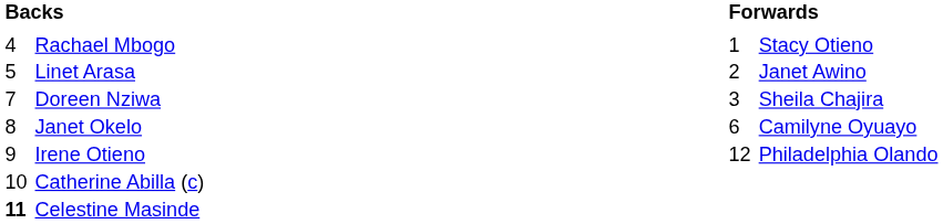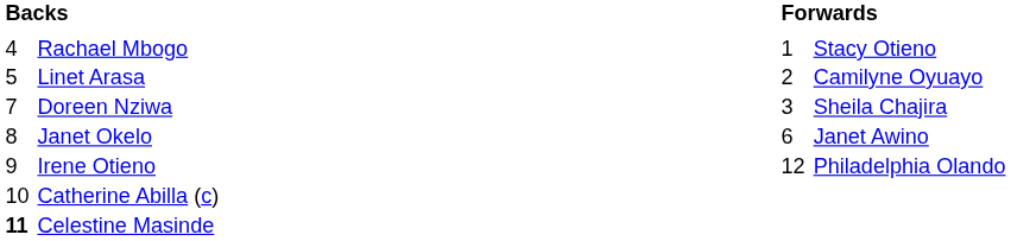 <table style="text-align:left">
 <tr>
 <th colspan=2>Backs</th>
 <th colspan=2>Forwards</th>
 </tr>
 <tr>
 <th style="width:20px;"></th>
 <th style="width:550px;"></th>
 <th style="width:20px;"></th>
 <th style="width:170px;"></th>
 </tr>
 <tr>
 <td align=centre>4</td>
 <td><a href='#'>Rachael Mbogo</a></td>
 <td align=centre>1</td>
 <td><a href='#'>Stacy Otieno</a></td>
 </tr>
 <tr>
 <td align=centre>5</td>
 <td><a href='#'>Linet Arasa</a></td>
 <td align=centre>2</td>
-<td><a href='#'>Janet Awino</a></td>
+<td><a href='#'>Camilyne Oyuayo</a></td>
 </tr>
 <tr>
 <td align=centre>7</td>
 <td><a href='#'>Doreen Nziwa</a></td>
 <td align=centre>3</td>
 <td><a href='#'>Sheila Chajira</a></td>
 </tr>
 <tr>
 <td align=centre>8</td>
 <td><a href='#'>Janet Okelo</a></td>
 <td align=centre>6</td>
-<td><a href='#'>Camilyne Oyuayo</a></td>
+<td><a href='#'>Janet Awino</a></td>
 </tr>
 <tr>
 <td align=centre>9</td>
 <td><a href='#'>Irene Otieno</a></td>
 <td align=centre>12</td>
 <td><a href='#'>Philadelphia Olando</a></td>
 </tr>
 <tr>
 <td align=centre>10</td>
 <td><a href='#'>Catherine Abilla</a> (<a href='#'>c</a>)</td>
 </tr>
 <tr>
 <td align=centre><strong>11</strong></td>
 <td><a href='#'>Celestine Masinde</a></td>
 <td align=centre></td>
 <td></td>
 </tr>
 </table>
